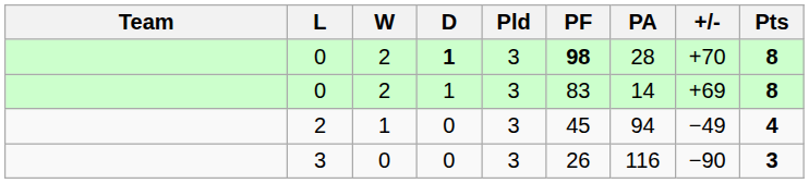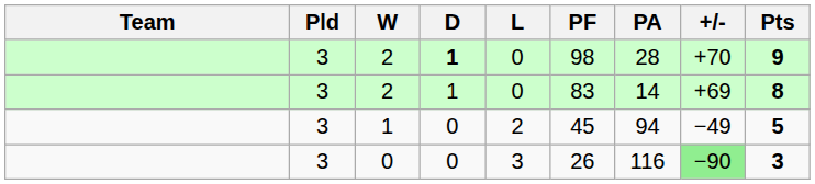 <table class="wikitable" style="text-align: center;">
 <tr>
 <th width="200">Team</th>
-<th width="40">L</th>
+<th width="40">Pld</th>
 <th width="40">W</th>
 <th width="40">D</th>
-<th width="40">Pld</th>
+<th width="40">L</th>
 <th width="40">PF</th>
 <th width="40">PA</th>
 <th width="40">+/-</th>
 <th width="40">Pts</th>
 </tr>
 <tr bgcolor=ccffcc>
 <td align=left></td>
-<td>0</td>
+<td>3</td>
 <td>2</td>
 <td><strong>1</strong></td>
-<td>3</td>
-<td><strong>98</strong></td>
+<td>0</td>
+<td>98</td>
 <td>28</td>
 <td>+70</td>
-<td><strong>8</strong></td>
+<td><strong>9</strong></td>
 </tr>
 <tr bgcolor=ccffcc>
 <td align=left></td>
-<td>0</td>
+<td>3</td>
 <td>2</td>
 <td>1</td>
-<td>3</td>
+<td>0</td>
 <td>83</td>
 <td>14</td>
 <td>+69</td>
 <td><strong>8</strong></td>
 </tr>
 <tr>
 <td align=left></td>
-<td>2</td>
+<td>3</td>
 <td>1</td>
 <td>0</td>
-<td>3</td>
+<td>2</td>
 <td>45</td>
 <td>94</td>
 <td>−49</td>
-<td><strong>4</strong></td>
+<td><strong>5</strong></td>
 </tr>
 <tr>
 <td align=left></td>
 <td>3</td>
 <td>0</td>
 <td>0</td>
 <td>3</td>
 <td>26</td>
 <td>116</td>
-<td>−90</td>
+<td style="background: lightgreen;">−90</td>
 <td><strong>3</strong></td>
 </tr>
 </table>
